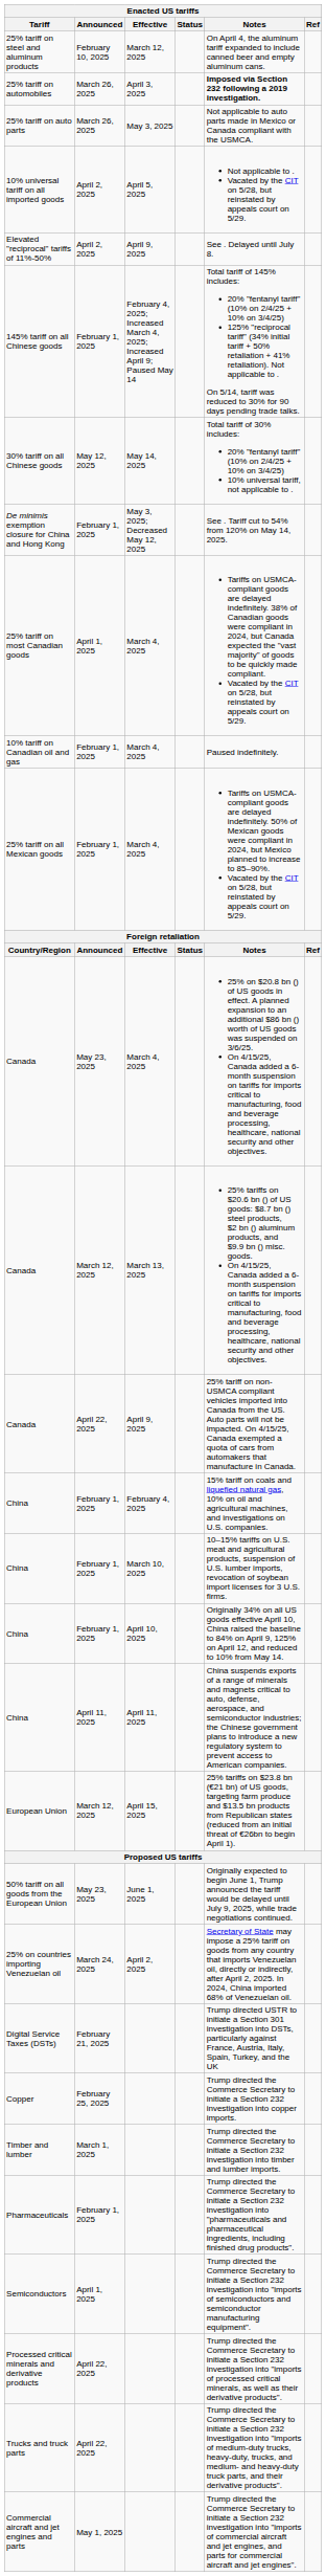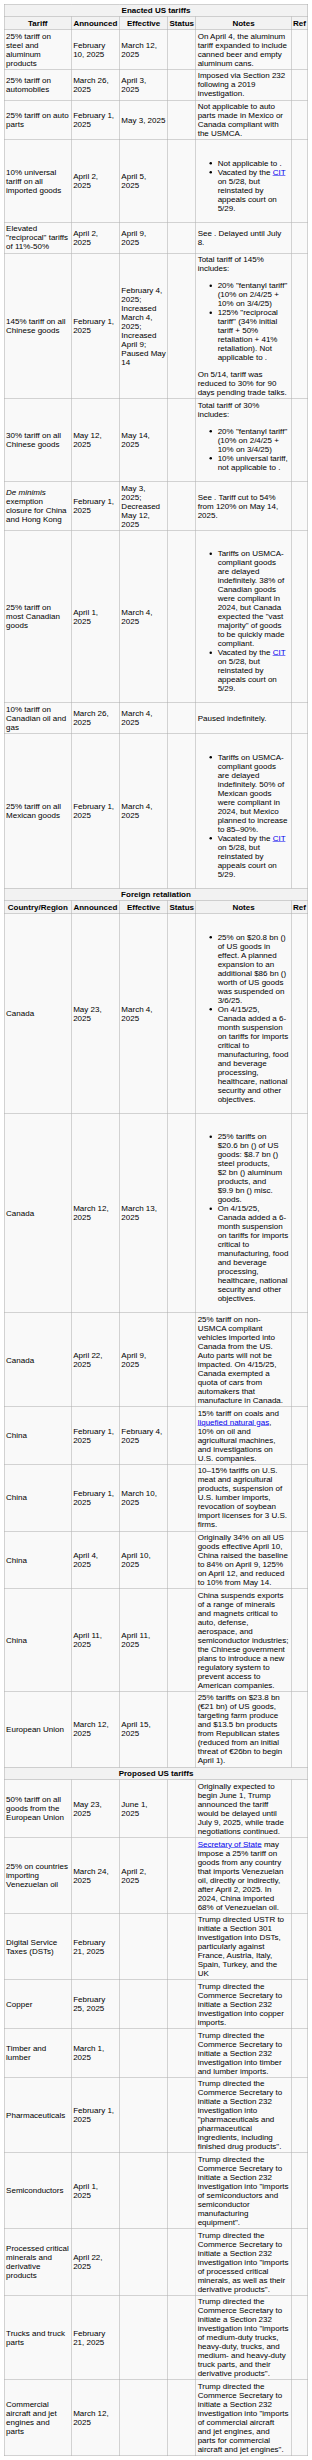 <table class="wikitable">
 <tr>
 <th colspan="6">Enacted US tariffs</th>
 </tr>
 <tr>
 <th>Tariff</th>
 <th>Announced</th>
 <th>Effective</th>
 <th>Status</th>
 <th>Notes</th>
 <th>Ref</th>
 </tr>
 <tr>
 <td>25% tariff on steel and aluminum products</td>
 <td>February 10, 2025</td>
 <td>March 12, 2025</td>
 <td></td>
 <td>On April 4, the aluminum tariff expanded to include canned beer and empty aluminum cans.</td>
 <td></td>
 </tr>
 <tr>
 <td>25% tariff on automobiles</td>
 <td>March 26, 2025</td>
 <td>April 3, 2025</td>
 <td></td>
-<td><strong>Imposed via Section 232 following a 2019 investigation.</strong></td>
+<td>Imposed via Section 232 following a 2019 investigation.</td>
 <td></td>
 </tr>
 <tr>
 <td>25% tariff on auto parts</td>
-<td>March 26, 2025</td>
+<td>February 1, 2025</td>
 <td>May 3, 2025</td>
 <td></td>
 <td>Not applicable to auto parts made in Mexico or Canada compliant with the USMCA.</td>
 <td></td>
 </tr>
 <tr>
 <td>10% universal tariff on all imported goods</td>
 <td>April 2, 2025</td>
 <td>April 5, 2025</td>
 <td></td>
 <td><br><ul><li>Not applicable to .</li><li>Vacated by the <a href='#'>CIT</a> on 5/28, but reinstated by appeals court on 5/29.</li></ul></td>
 <td></td>
 </tr>
 <tr>
 <td>Elevated "reciprocal" tariffs of 11%-50%</td>
 <td>April 2, 2025</td>
 <td>April 9, 2025</td>
 <td></td>
 <td>See . Delayed until July 8.</td>
 <td></td>
 </tr>
 <tr>
 <td>145% tariff on all Chinese goods</td>
 <td>February 1, 2025</td>
 <td>February 4, 2025; Increased March 4, 2025; Increased April 9; Paused May 14</td>
 <td></td>
 <td>Total tariff of 145% includes:<br><ul><li>20% "fentanyl tariff" (10% on 2/4/25 + 10% on 3/4/25)</li><li>125% "reciprocal tariff" (34% initial tariff + 50% retaliation + 41% retaliation). Not applicable to .</li></ul>On 5/14, tariff was reduced to 30% for 90 days pending trade talks.</td>
 <td></td>
 </tr>
 <tr>
 <td>30% tariff on all Chinese goods</td>
 <td>May 12, 2025</td>
 <td>May 14, 2025</td>
 <td></td>
 <td>Total tariff of 30% includes:<br><ul><li>20% "fentanyl tariff" (10% on 2/4/25 + 10% on 3/4/25)</li><li>10% universal tariff, not applicable to .</li></ul></td>
 <td></td>
 </tr>
 <tr>
 <td><em>De minimis</em> exemption closure for China and Hong Kong</td>
 <td>February 1, 2025</td>
 <td>May 3, 2025; Decreased May 12, 2025</td>
 <td></td>
 <td>See . Tariff cut to 54% from 120% on May 14, 2025.</td>
 <td></td>
 </tr>
 <tr>
 <td>25% tariff on most Canadian goods</td>
 <td>April 1, 2025</td>
 <td>March 4, 2025</td>
 <td></td>
 <td><br><ul><li>Tariffs on USMCA-compliant goods are delayed indefinitely. 38% of Canadian goods were compliant in 2024, but Canada expected the "vast majority" of goods to be quickly made compliant.</li><li>Vacated by the <a href='#'>CIT</a> on 5/28, but reinstated by appeals court on 5/29.</li></ul></td>
 <td></td>
 </tr>
 <tr>
 <td>10% tariff on Canadian oil and gas</td>
-<td>February 1, 2025</td>
+<td>March 26, 2025</td>
 <td>March 4, 2025</td>
 <td></td>
 <td>Paused indefinitely.</td>
 <td></td>
 </tr>
 <tr>
 <td>25% tariff on all Mexican goods</td>
 <td>February 1, 2025</td>
 <td>March 4, 2025</td>
 <td></td>
 <td><br><ul><li>Tariffs on USMCA-compliant goods are delayed indefinitely. 50% of Mexican goods were compliant in 2024, but Mexico planned to increase to 85–90%.</li><li>Vacated by the <a href='#'>CIT</a> on 5/28, but reinstated by appeals court on 5/29.</li></ul></td>
 <td></td>
 </tr>
 <tr>
 <th colspan="6">Foreign retaliation</th>
 </tr>
 <tr>
 <th>Country/Region</th>
 <th>Announced</th>
 <th>Effective</th>
 <th>Status</th>
 <th>Notes</th>
 <th>Ref</th>
 </tr>
 <tr>
 <td>Canada</td>
 <td>May 23, 2025</td>
 <td>March 4, 2025</td>
 <td></td>
 <td><br><ul><li>25% on $20.8 bn () of US goods in effect. A planned expansion to an additional $86 bn () worth of US goods was suspended on 3/6/25.</li><li>On 4/15/25, Canada added a 6-month suspension on tariffs for imports critical to manufacturing, food and beverage processing, healthcare, national security and other objectives.</li></ul></td>
 <td></td>
 </tr>
 <tr>
 <td>Canada</td>
 <td>March 12, 2025</td>
 <td>March 13, 2025</td>
 <td></td>
 <td><br><ul><li>25% tariffs on $20.6 bn () of US goods: $8.7 bn () steel products, $2 bn () aluminum products, and $9.9 bn () misc. goods.</li><li>On 4/15/25, Canada added a 6-month suspension on tariffs for imports critical to manufacturing, food and beverage processing, healthcare, national security and other objectives.</li></ul></td>
 <td></td>
 </tr>
 <tr>
 <td>Canada</td>
 <td>April 22, 2025</td>
 <td>April 9, 2025</td>
 <td></td>
 <td>25% tariff on non-USMCA compliant vehicles imported into Canada from the US. Auto parts will not be impacted. On 4/15/25, Canada exempted a quota of cars from automakers that manufacture in Canada.</td>
 <td></td>
 </tr>
 <tr>
 <td>China</td>
 <td>February 1, 2025</td>
 <td>February 4, 2025</td>
 <td></td>
 <td>15% tariff on coals and <a href='#'>liquefied natural gas</a>, 10% on oil and agricultural machines, and investigations on U.S. companies.</td>
 <td></td>
 </tr>
 <tr>
 <td>China</td>
 <td>February 1, 2025</td>
 <td>March 10, 2025</td>
 <td></td>
 <td>10–15% tariffs on U.S. meat and agricultural products, suspension of U.S. lumber imports, revocation of soybean import licenses for 3 U.S. firms.</td>
 <td></td>
 </tr>
 <tr>
 <td>China</td>
-<td>February 1, 2025</td>
+<td>April 4, 2025</td>
 <td>April 10, 2025</td>
 <td></td>
 <td>Originally 34% on all US goods effective April 10, China raised the baseline to 84% on April 9, 125% on April 12, and reduced to 10% from May 14.</td>
 <td></td>
 </tr>
 <tr>
 <td>China</td>
 <td>April 11, 2025</td>
 <td>April 11, 2025</td>
 <td></td>
 <td>China suspends exports of a range of minerals and magnets critical to auto, defense, aerospace, and semiconductor industries; the Chinese government plans to introduce a new regulatory system to prevent access to American companies.</td>
 <td></td>
 </tr>
 <tr>
 <td>European Union</td>
 <td>March 12, 2025</td>
 <td>April 15, 2025</td>
 <td></td>
 <td>25% tariffs on $23.8 bn (€21 bn) of US goods, targeting farm produce and $13.5 bn products from Republican states (reduced from an initial threat of €26bn to begin April 1).</td>
 <td></td>
 </tr>
 <tr>
 <th colspan="6">Proposed US tariffs</th>
 </tr>
 <tr>
 <td>50% tariff on all goods from the European Union</td>
 <td>May 23, 2025</td>
 <td>June 1, 2025</td>
 <td></td>
 <td>Originally expected to begin June 1, Trump announced the tariff would be delayed until July 9, 2025, while trade negotiations continued.</td>
 <td></td>
 </tr>
 <tr>
 <td>25% on countries importing Venezuelan oil</td>
 <td>March 24, 2025</td>
 <td>April 2, 2025</td>
 <td></td>
 <td><a href='#'>Secretary of State</a> may impose a 25% tariff on goods from any country that imports Venezuelan oil, directly or indirectly, after April 2, 2025. In 2024, China imported 68% of Venezuelan oil.</td>
 <td></td>
 </tr>
 <tr>
 <td>Digital Service Taxes (DSTs)</td>
 <td>February 21, 2025</td>
 <td></td>
 <td></td>
 <td>Trump directed USTR to initiate a Section 301 investigation into DSTs, particularly against France, Austria, Italy, Spain, Turkey, and the UK</td>
 <td></td>
 </tr>
 <tr>
 <td>Copper</td>
 <td>February 25, 2025</td>
 <td></td>
 <td></td>
 <td>Trump directed the Commerce Secretary to initiate a Section 232 investigation into copper imports.</td>
 <td></td>
 </tr>
 <tr>
 <td>Timber and lumber</td>
 <td>March 1, 2025</td>
 <td></td>
 <td></td>
 <td>Trump directed the Commerce Secretary to initiate a Section 232 investigation into timber and lumber imports.</td>
 <td></td>
 </tr>
 <tr>
 <td>Pharmaceuticals</td>
 <td>February 1, 2025</td>
 <td></td>
 <td></td>
 <td>Trump directed the Commerce Secretary to initiate a Section 232 investigation into "pharmaceuticals and pharmaceutical ingredients, including finished drug products".</td>
 <td></td>
 </tr>
 <tr>
 <td>Semiconductors</td>
 <td>April 1, 2025</td>
 <td></td>
 <td></td>
 <td>Trump directed the Commerce Secretary to initiate a Section 232 investigation into "imports of semiconductors and semiconductor manufacturing equipment".</td>
 <td></td>
 </tr>
 <tr>
 <td>Processed critical minerals and derivative products</td>
 <td>April 22, 2025</td>
 <td></td>
 <td></td>
 <td>Trump directed the Commerce Secretary to initiate a Section 232 investigation into "imports of processed critical minerals, as well as their derivative products".</td>
 <td></td>
 </tr>
 <tr>
 <td>Trucks and truck parts</td>
-<td>April 22, 2025</td>
+<td>February 21, 2025</td>
 <td></td>
 <td></td>
 <td>Trump directed the Commerce Secretary to initiate a Section 232 investigation into "imports of medium-duty trucks, heavy-duty, trucks, and medium- and heavy-duty truck parts, and their derivative products".</td>
 <td></td>
 </tr>
 <tr>
 <td>Commercial aircraft and jet engines and parts</td>
-<td>May 1, 2025</td>
+<td>March 12, 2025</td>
 <td></td>
 <td></td>
 <td>Trump directed the Commerce Secretary to initiate a Section 232 investigation into "imports of commercial aircraft and jet engines, and parts for commercial aircraft and jet engines".</td>
 <td></td>
 </tr>
 </table>
